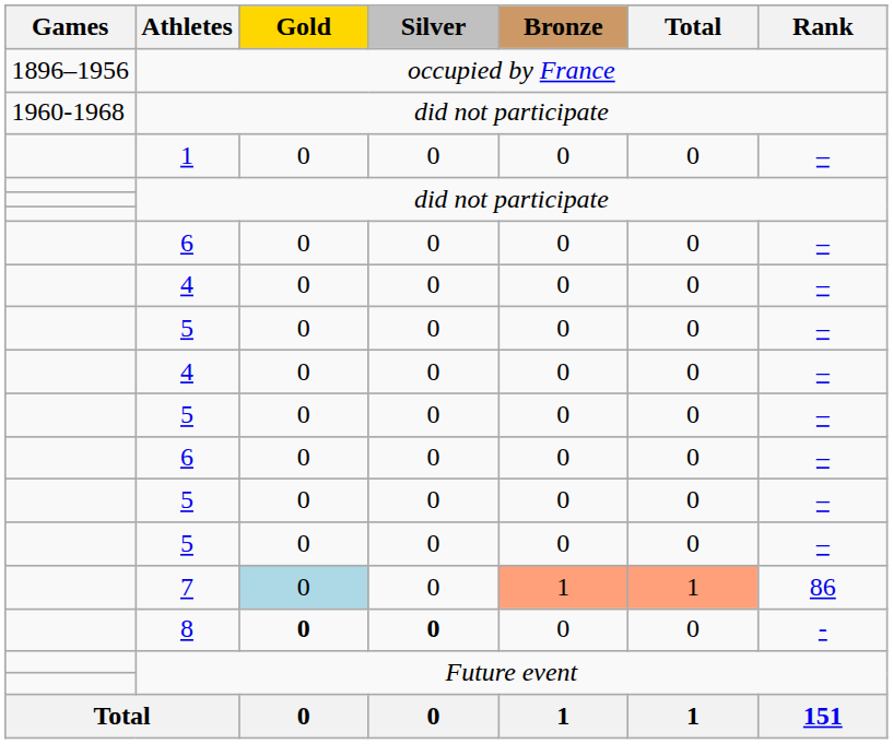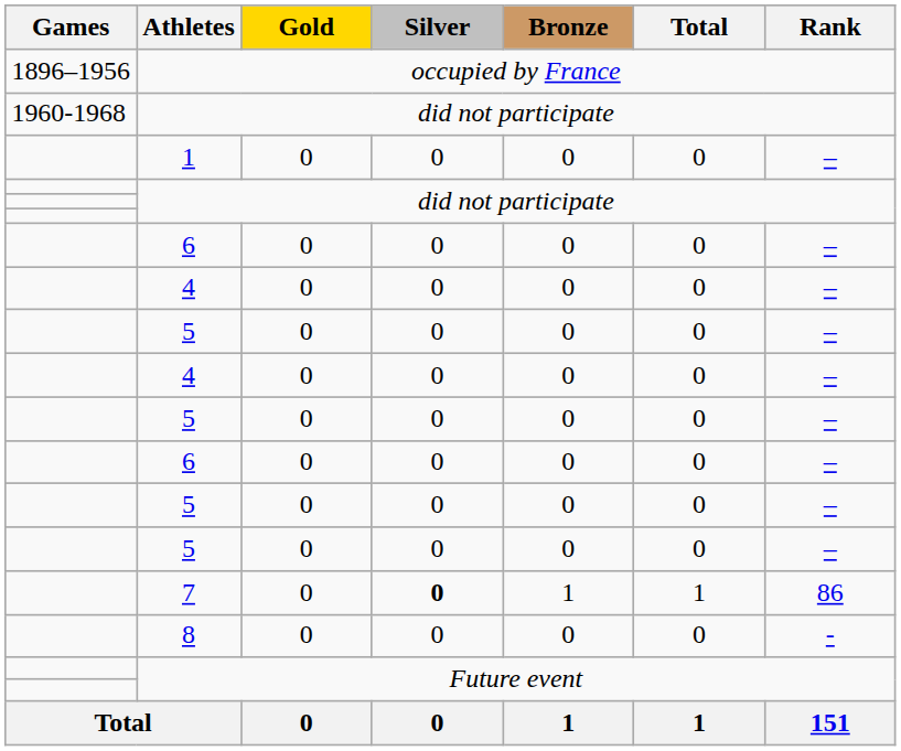 <table class="wikitable" style="text-align:center; font-size:90%;">
 <tr>
 <th>Games</th>
 <th>Athletes</th>
 <td style="background:gold; width:4.5em; font-weight:bold;">Gold</td>
 <td style="background:silver; width:4.5em; font-weight:bold;">Silver</td>
 <td style="background:#cc9966; width:4.5em; font-weight:bold;">Bronze</td>
 <th style="width:4.5em; font-weight:bold;">Total</th>
 <th style="width:4.5em; font-weight:bold;">Rank</th>
 </tr>
 <tr>
 <td align=left>1896–1956</td>
 <td colspan=6><em>occupied by  <a href='#'>France</a></em></td>
 </tr>
 <tr>
 <td align=left>1960-1968</td>
 <td colspan=6;><em>did not participate</em></td>
 </tr>
 <tr>
 <td align=left></td>
 <td><a href='#'>1</a></td>
 <td>0</td>
 <td>0</td>
 <td>0</td>
 <td>0</td>
 <td><a href='#'>–</a></td>
 </tr>
 <tr>
 <td align=left></td>
 <td colspan=6; rowspan=3><em>did not participate</em></td>
 </tr>
 <tr>
 <td align=left></td>
 </tr>
 <tr>
 <td align=left></td>
 </tr>
 <tr>
 <td align=left></td>
 <td><a href='#'>6</a></td>
 <td>0</td>
 <td>0</td>
 <td>0</td>
 <td>0</td>
 <td><a href='#'>–</a></td>
 </tr>
 <tr>
 <td align=left></td>
 <td><a href='#'>4</a></td>
 <td>0</td>
 <td>0</td>
 <td>0</td>
 <td>0</td>
 <td><a href='#'>–</a></td>
 </tr>
 <tr>
 <td align=left></td>
 <td><a href='#'>5</a></td>
 <td>0</td>
 <td>0</td>
 <td>0</td>
 <td>0</td>
 <td><a href='#'>–</a></td>
 </tr>
 <tr>
 <td align=left></td>
 <td><a href='#'>4</a></td>
 <td>0</td>
 <td>0</td>
 <td>0</td>
 <td>0</td>
 <td><a href='#'>–</a></td>
 </tr>
 <tr>
 <td align=left></td>
 <td><a href='#'>5</a></td>
 <td>0</td>
 <td>0</td>
 <td>0</td>
 <td>0</td>
 <td><a href='#'>–</a></td>
 </tr>
 <tr>
 <td align=left></td>
 <td><a href='#'>6</a></td>
 <td>0</td>
 <td>0</td>
 <td>0</td>
 <td>0</td>
 <td><a href='#'>–</a></td>
 </tr>
 <tr>
 <td align=left></td>
 <td><a href='#'>5</a></td>
 <td>0</td>
 <td>0</td>
 <td>0</td>
 <td>0</td>
 <td><a href='#'>–</a></td>
 </tr>
 <tr>
 <td align=left></td>
 <td><a href='#'>5</a></td>
 <td>0</td>
 <td>0</td>
 <td>0</td>
 <td>0</td>
 <td><a href='#'>–</a></td>
 </tr>
 <tr>
 <td align=left></td>
 <td><a href='#'>7</a></td>
-<td style="background: lightblue;">0</td>
 <td>0</td>
-<td style="background: lightsalmon;">1</td>
-<td style="background: lightsalmon;">1</td>
+<td><strong>0</strong></td>
+<td>1</td>
+<td>1</td>
 <td><a href='#'>86</a></td>
 </tr>
 <tr>
 <td align=left></td>
 <td><a href='#'>8</a></td>
-<td><strong>0</strong></td>
-<td><strong>0</strong></td>
+<td>0</td>
+<td>0</td>
 <td>0</td>
 <td>0</td>
 <td><a href='#'>-</a></td>
 </tr>
 <tr>
 <td align=left></td>
 <td colspan=6; rowspan=2><em>Future event</em></td>
 </tr>
 <tr>
 <td align=left></td>
 </tr>
 <tr>
 <th colspan=2>Total</th>
 <th>0</th>
 <th>0</th>
 <th>1</th>
 <th>1</th>
 <th><a href='#'>151</a></th>
 </tr>
 </table>
